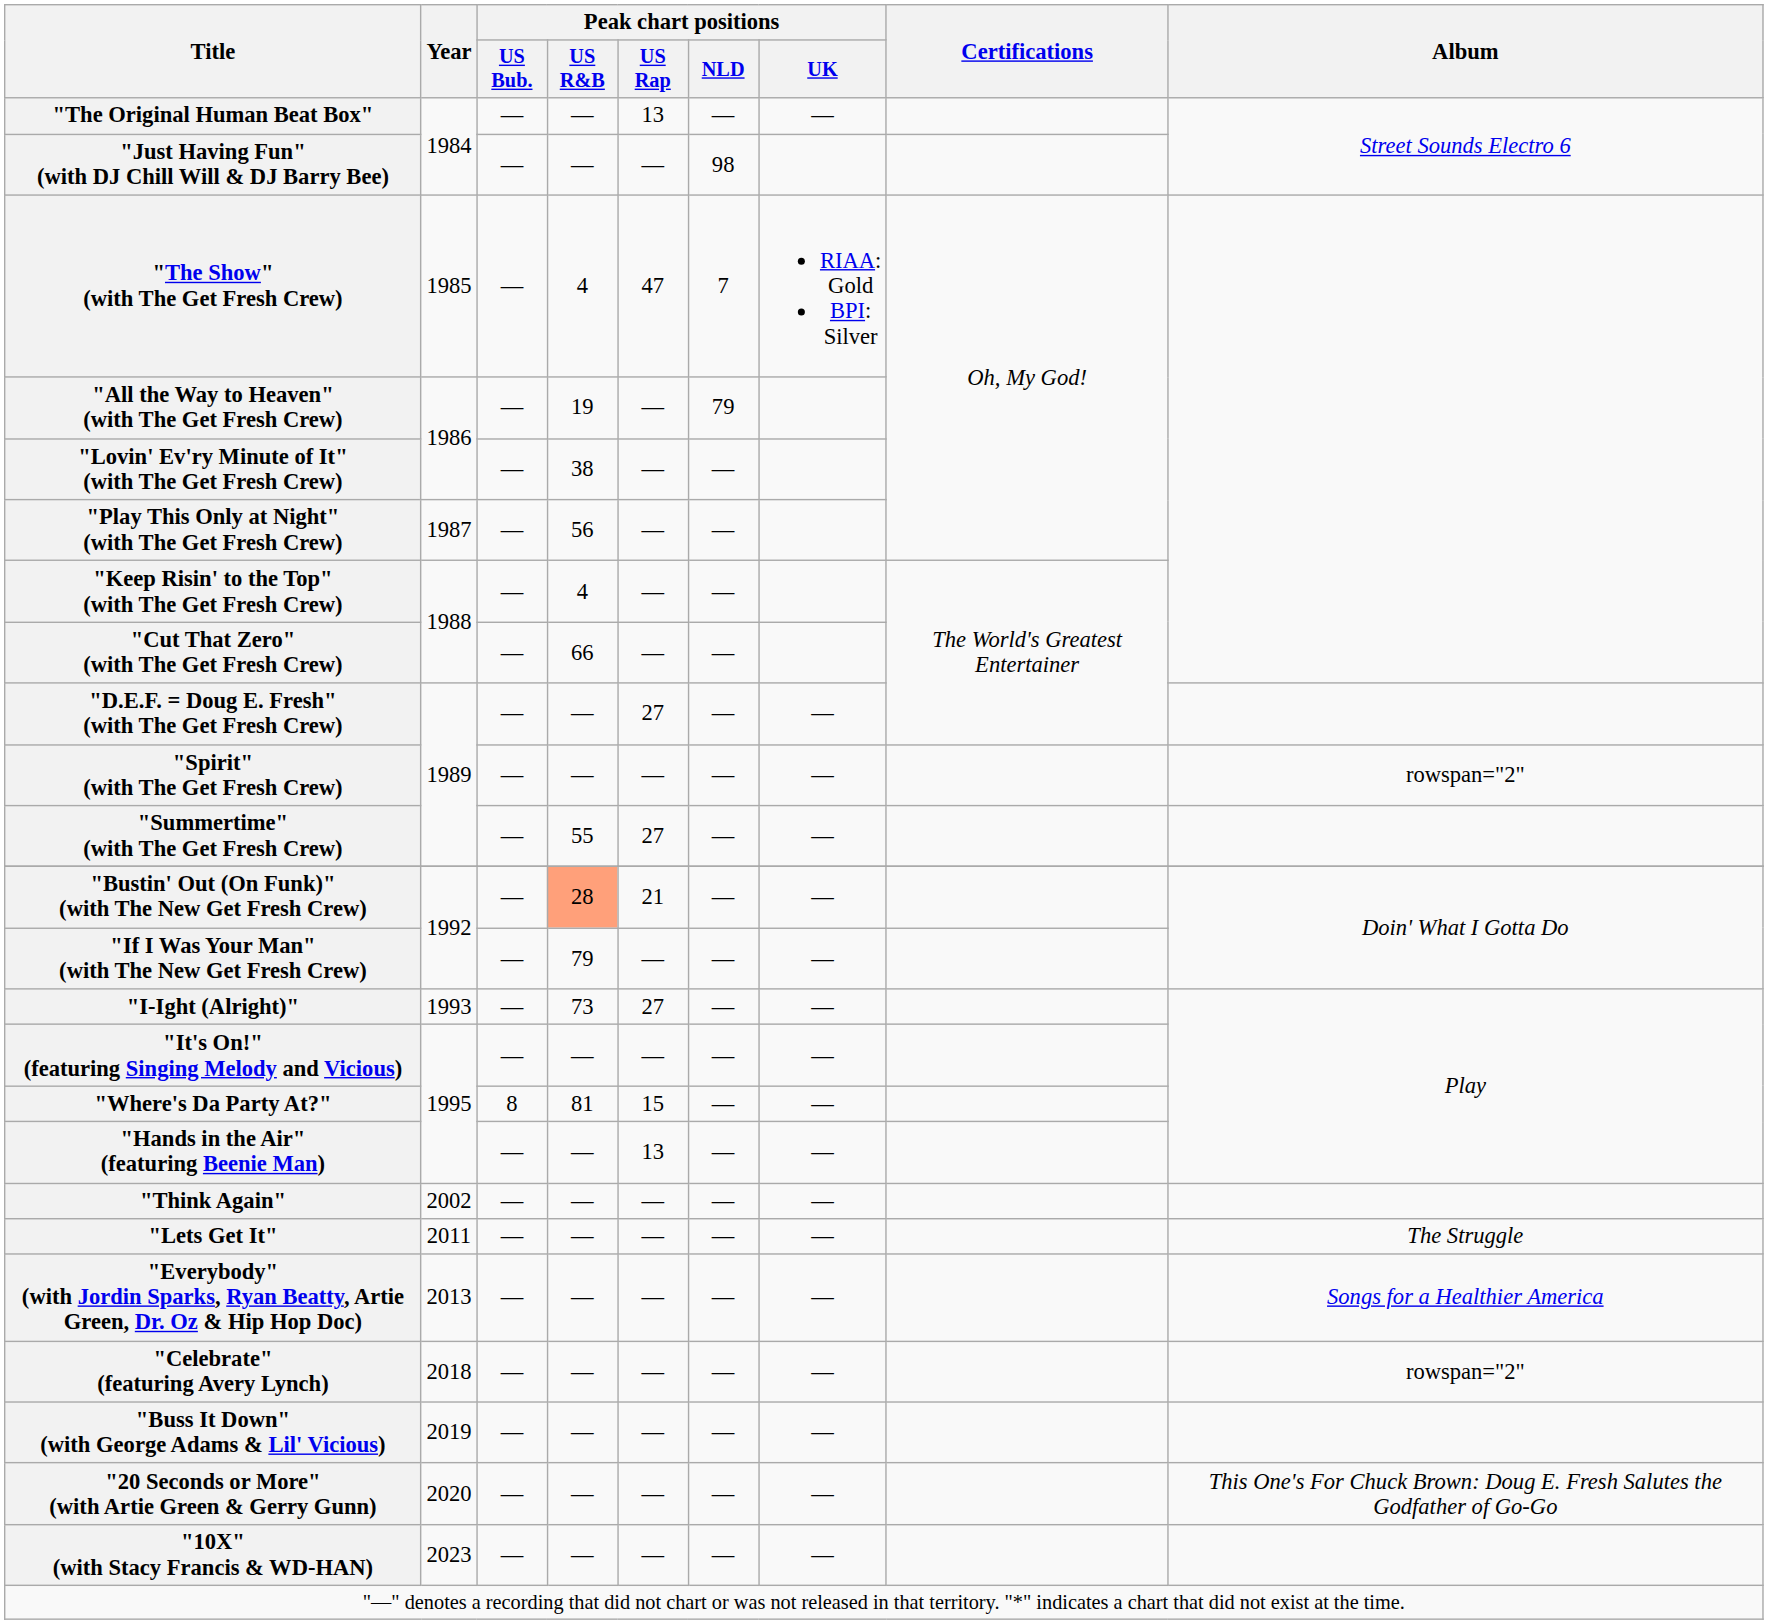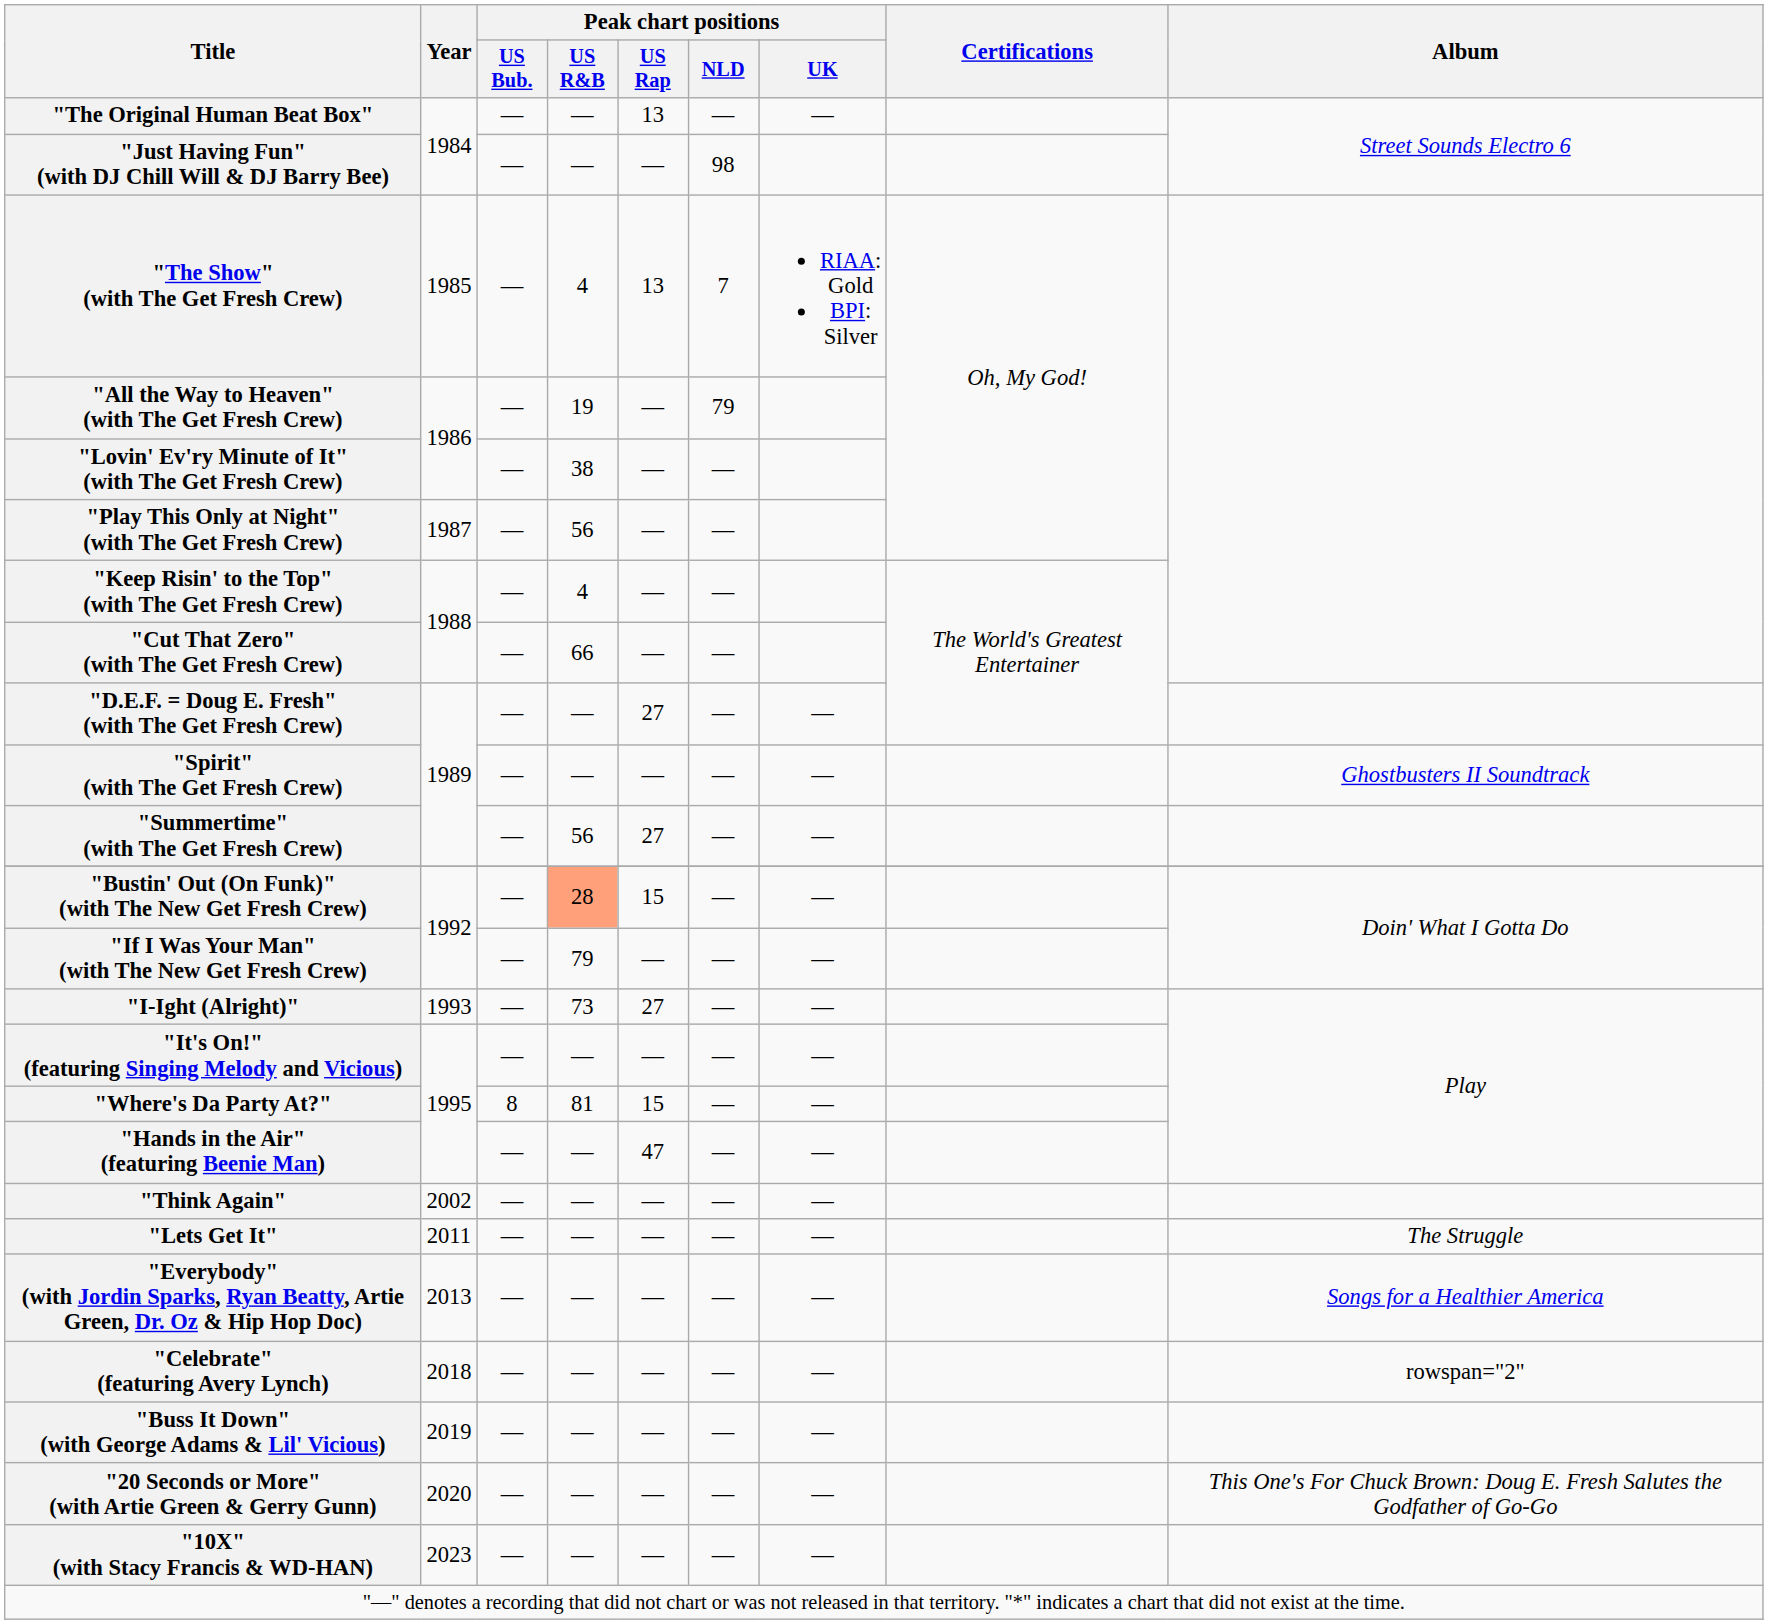 <table class="wikitable plainrowheaders" style="text-align:center;" border="1">
 <tr>
 <th scope="col" rowspan="2" style="width:18em;">Title</th>
 <th scope="col" rowspan="2">Year</th>
 <th scope="col" colspan="5">Peak chart positions</th>
 <th scope="col" rowspan="2" style="width:12em;"><a href='#'>Certifications</a></th>
 <th scope="col" rowspan="2">Album</th>
 </tr>
 <tr>
 <th scope="col" style="width:3em;font-size:90%;"><a href='#'>US Bub.</a><br></th>
 <th scope="col" style="width:3em;font-size:90%;"><a href='#'>US R&B</a><br></th>
 <th scope="col" style="width:3em;font-size:90%;"><a href='#'>US Rap</a><br></th>
 <th scope="col" style="width:3em;font-size:90%;"><a href='#'>NLD</a><br></th>
 <th scope="col" style="width:3em;font-size:90%;"><a href='#'>UK</a><br></th>
 </tr>
 <tr>
 <th scope="row">"The Original Human Beat Box"</th>
 <td rowspan="2">1984</td>
 <td align="center">—</td>
 <td align="center">—</td>
 <td align="center">13</td>
 <td align="center">—</td>
 <td align="center">—</td>
 <td></td>
 <td rowspan="2"><em><a href='#'>Street Sounds Electro 6</a></em></td>
 </tr>
 <tr>
 <th scope="row">"Just Having Fun"<br><span>(with DJ Chill Will & DJ Barry Bee)</span></th>
 <td align="center">—</td>
 <td align="center">—</td>
 <td align="center">—</td>
 <td align="center">98</td>
 <td></td>
 </tr>
 <tr>
 <th scope="row">"<a href='#'>The Show</a>"<br><span>(with The Get Fresh Crew)</span></th>
 <td>1985</td>
 <td align="center">—</td>
 <td align="center">4</td>
-<td align="center">47</td>
+<td align="center">13</td>
 <td align="center">7</td>
 <td><br><ul><li><a href='#'>RIAA</a>: Gold</li><li><a href='#'>BPI</a>: Silver</li></ul></td>
 <td rowspan="4"><em>Oh, My God!</em></td>
 </tr>
 <tr>
 <th scope="row">"All the Way to Heaven"<br><span>(with The Get Fresh Crew)</span></th>
 <td rowspan="2">1986</td>
 <td align="center">—</td>
 <td align="center">19</td>
 <td align="center">—</td>
 <td align="center">79</td>
 <td></td>
 </tr>
 <tr>
 <th scope="row">"Lovin' Ev'ry Minute of It"<br><span>(with The Get Fresh Crew)</span></th>
 <td align="center">—</td>
 <td align="center">38</td>
 <td align="center">—</td>
 <td align="center">—</td>
 <td></td>
 </tr>
 <tr>
 <th scope="row">"Play This Only at Night"<br><span>(with The Get Fresh Crew)</span></th>
 <td>1987</td>
 <td align="center">—</td>
 <td align="center">56</td>
 <td align="center">—</td>
 <td align="center">—</td>
 <td></td>
 </tr>
 <tr>
 <th scope="row">"Keep Risin' to the Top"<br><span>(with The Get Fresh Crew)</span></th>
 <td rowspan="2">1988</td>
 <td align="center">—</td>
 <td align="center">4</td>
 <td align="center">—</td>
 <td align="center">—</td>
 <td></td>
 <td rowspan="3"><em>The World's Greatest Entertainer</em></td>
 </tr>
 <tr>
 <th scope="row">"Cut That Zero"<br><span>(with The Get Fresh Crew)</span></th>
 <td align="center">—</td>
 <td align="center">66</td>
 <td align="center">—</td>
 <td align="center">—</td>
 <td></td>
 </tr>
 <tr>
 <th scope="row">"D.E.F. = Doug E. Fresh"<br><span>(with The Get Fresh Crew)</span></th>
 <td rowspan="3">1989</td>
 <td align="center">—</td>
 <td align="center">—</td>
 <td align="center">27</td>
 <td align="center">—</td>
 <td align="center">—</td>
 <td></td>
 </tr>
 <tr>
 <th scope="row">"Spirit"<br><span>(with The Get Fresh Crew)</span></th>
 <td align="center">—</td>
 <td align="center">—</td>
 <td align="center">—</td>
 <td align="center">—</td>
 <td align="center">—</td>
 <td></td>
-<td>rowspan="2" </td>
+<td><em><a href='#'>Ghostbusters II Soundtrack</a></em></td>
 </tr>
 <tr>
 <th scope="row">"Summertime"<br><span>(with The Get Fresh Crew)</span></th>
 <td align="center">—</td>
-<td align="center">55</td>
+<td align="center">56</td>
 <td align="center">27</td>
 <td align="center">—</td>
 <td align="center">—</td>
 <td></td>
 <td></td>
 </tr>
 <tr>
 </tr>
 <tr>
 <th scope="row">"Bustin' Out (On Funk)"<br><span>(with The New Get Fresh Crew)</span></th>
 <td rowspan="2">1992</td>
 <td align="center">—</td>
 <td align="center" style="background: lightsalmon;">28</td>
-<td align="center">21</td>
+<td align="center">15</td>
 <td align="center">—</td>
 <td align="center">—</td>
 <td></td>
 <td rowspan="2"><em>Doin' What I Gotta Do</em></td>
 </tr>
 <tr>
 <th scope="row">"If I Was Your Man"<br><span>(with The New Get Fresh Crew)</span></th>
 <td align="center">—</td>
 <td align="center">79</td>
 <td align="center">—</td>
 <td align="center">—</td>
 <td align="center">—</td>
 <td></td>
 </tr>
 <tr>
 <th scope="row">"I-Ight  (Alright)"</th>
 <td>1993</td>
 <td align="center">—</td>
 <td align="center">73</td>
 <td align="center">27</td>
 <td align="center">—</td>
 <td align="center">—</td>
 <td></td>
 <td rowspan="4"><em>Play</em></td>
 </tr>
 <tr>
 <th scope="row">"It's On!"<br><span>(featuring <a href='#'>Singing Melody</a> and <a href='#'>Vicious</a>)</span></th>
 <td rowspan="3">1995</td>
 <td align="center">—</td>
 <td align="center">—</td>
 <td align="center">—</td>
 <td align="center">—</td>
 <td align="center">—</td>
 <td></td>
 </tr>
 <tr>
 <th scope="row">"Where's Da Party At?"</th>
 <td align="center">8</td>
 <td align="center">81</td>
 <td align="center">15</td>
 <td align="center">—</td>
 <td align="center">—</td>
 </tr>
 <tr>
 <th scope="row">"Hands in the Air"<br><span>(featuring <a href='#'>Beenie Man</a>)</span></th>
 <td align="center">—</td>
 <td align="center">—</td>
-<td align="center">13</td>
+<td align="center">47</td>
 <td align="center">—</td>
 <td align="center">—</td>
 <td></td>
 </tr>
 <tr>
 <th scope="row">"Think Again"</th>
 <td>2002</td>
 <td align="center">—</td>
 <td align="center">—</td>
 <td align="center">—</td>
 <td align="center">—</td>
 <td align="center">—</td>
 <td></td>
 <td></td>
 </tr>
 <tr>
 <th scope="row">"Lets Get It"</th>
 <td>2011</td>
 <td align="center">—</td>
 <td align="center">—</td>
 <td align="center">—</td>
 <td align="center">—</td>
 <td align="center">—</td>
 <td></td>
 <td><em>The Struggle</em></td>
 </tr>
 <tr>
 <th scope="row">"Everybody"<br><span>(with <a href='#'>Jordin Sparks</a>, <a href='#'>Ryan Beatty</a>, Artie Green, <a href='#'>Dr. Oz</a> & Hip Hop Doc)</span></th>
 <td>2013</td>
 <td align="center">—</td>
 <td align="center">—</td>
 <td align="center">—</td>
 <td align="center">—</td>
 <td align="center">—</td>
 <td></td>
 <td><em><a href='#'>Songs for a Healthier America</a></em></td>
 </tr>
 <tr>
 <th scope="row">"Celebrate"<br><span>(featuring Avery Lynch)</span></th>
 <td>2018</td>
 <td align="center">—</td>
 <td align="center">—</td>
 <td align="center">—</td>
 <td align="center">—</td>
 <td align="center">—</td>
 <td></td>
 <td>rowspan="2" </td>
 </tr>
 <tr>
 <th scope="row">"Buss It Down"<br><span>(with George Adams & <a href='#'>Lil' Vicious</a>)</span></th>
 <td>2019</td>
 <td align="center">—</td>
 <td align="center">—</td>
 <td align="center">—</td>
 <td align="center">—</td>
 <td align="center">—</td>
 <td></td>
 </tr>
 <tr>
 <th scope="row">"20 Seconds or More"<br><span>(with Artie Green & Gerry Gunn)</span></th>
 <td>2020</td>
 <td align="center">—</td>
 <td align="center">—</td>
 <td align="center">—</td>
 <td align="center">—</td>
 <td align="center">—</td>
 <td></td>
 <td><em>This One's For Chuck Brown: Doug E. Fresh Salutes the Godfather of Go-Go</em></td>
 </tr>
 <tr>
 <th scope="row">"10X"<br><span>(with Stacy Francis & WD-HAN)</span></th>
 <td>2023</td>
 <td align="center">—</td>
 <td align="center">—</td>
 <td align="center">—</td>
 <td align="center">—</td>
 <td align="center">—</td>
 <td></td>
 <td></td>
 </tr>
 <tr>
 <td colspan="15" style="font-size:90%">"—" denotes a recording that did not chart or was not released in that territory. "*" indicates a chart that did not exist at the time.</td>
 </tr>
 </table>
